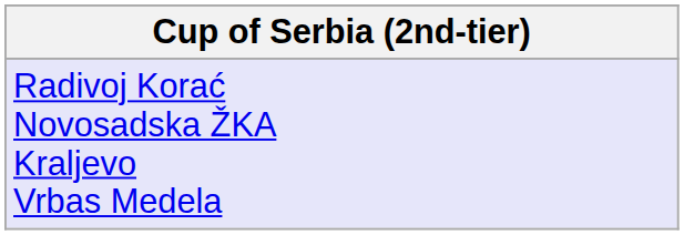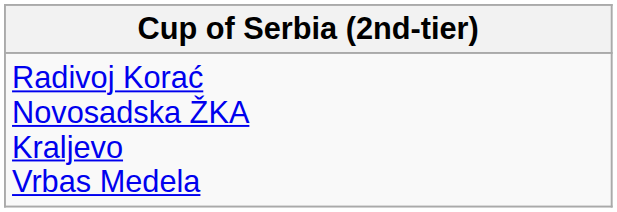 <table class=wikitable width=20%>
 <tr>
 <th width=13%>Cup of Serbia (2nd-tier)</th>
 </tr>
 <tr valign=top>
-<td style="background: lavender;"><a href='#'>Radivoj Korać</a><br><a href='#'>Novosadska ŽKA</a><br><a href='#'>Kraljevo</a><br><a href='#'>Vrbas Medela</a></td>
+<td><a href='#'>Radivoj Korać</a><br><a href='#'>Novosadska ŽKA</a><br><a href='#'>Kraljevo</a><br><a href='#'>Vrbas Medela</a></td>
 </tr>
 </table>
